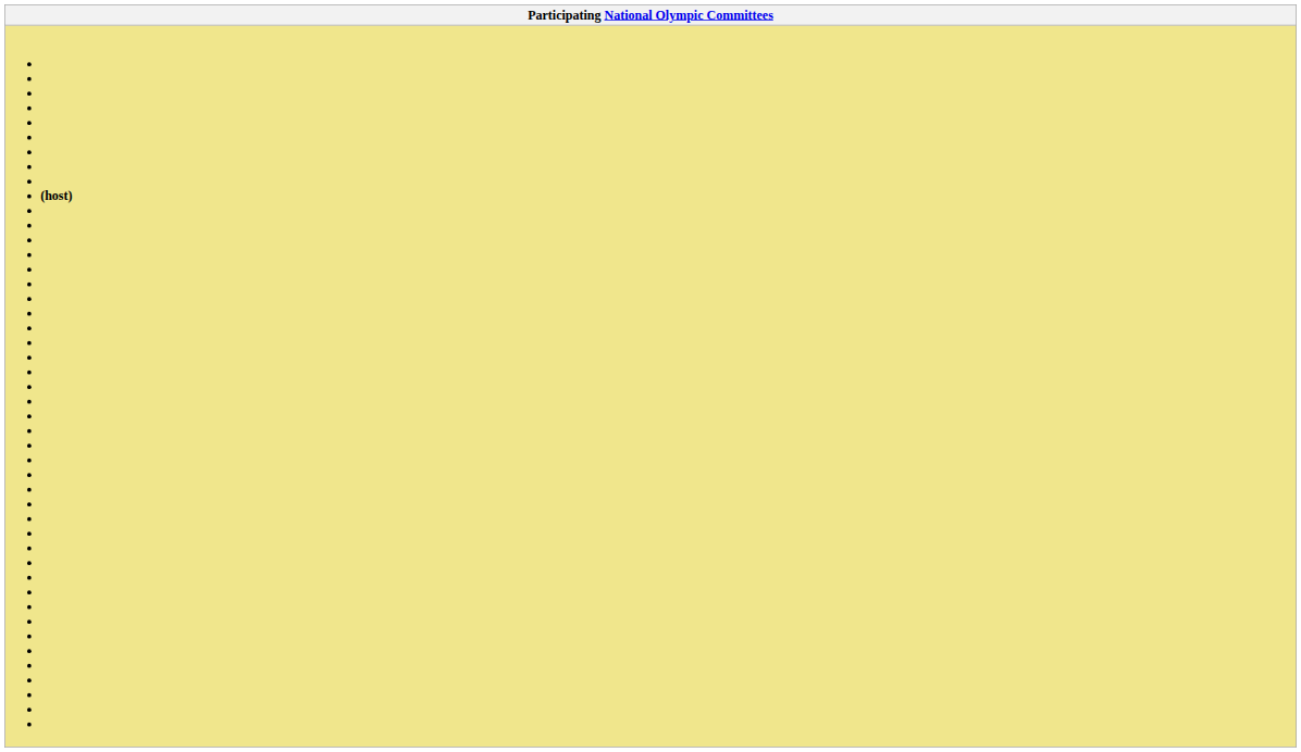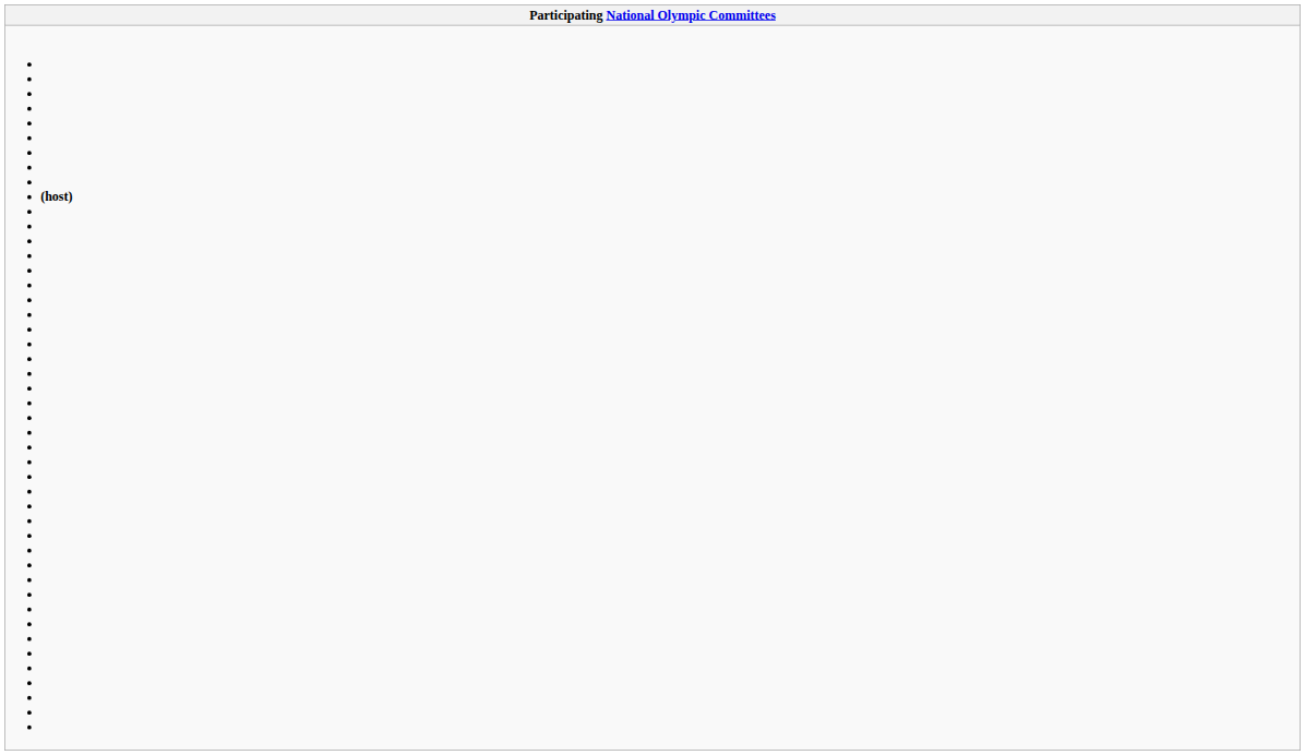 <table class="wikitable collapsible" style="width:100%;">
 <tr>
 <th>Participating <a href='#'>National Olympic Committees</a></th>
 </tr>
 <tr>
-<td style="background: khaki;"><br><ul><li></li><li></li><li></li><li></li><li></li><li></li><li></li><li></li><li></li><li> <strong>(host)</strong></li><li></li><li></li><li></li><li></li><li></li><li></li><li></li><li></li><li></li><li></li><li></li><li></li><li></li><li></li><li></li><li></li><li></li><li></li><li></li><li></li><li></li><li></li><li></li><li></li><li></li><li></li><li></li><li></li><li></li><li></li><li></li><li></li><li></li><li></li><li></li><li></li></ul></td>
+<td><br><ul><li></li><li></li><li></li><li></li><li></li><li></li><li></li><li></li><li></li><li> <strong>(host)</strong></li><li></li><li></li><li></li><li></li><li></li><li></li><li></li><li></li><li></li><li></li><li></li><li></li><li></li><li></li><li></li><li></li><li></li><li></li><li></li><li></li><li></li><li></li><li></li><li></li><li></li><li></li><li></li><li></li><li></li><li></li><li></li><li></li><li></li><li></li><li></li><li></li></ul></td>
 </tr>
 </table>
